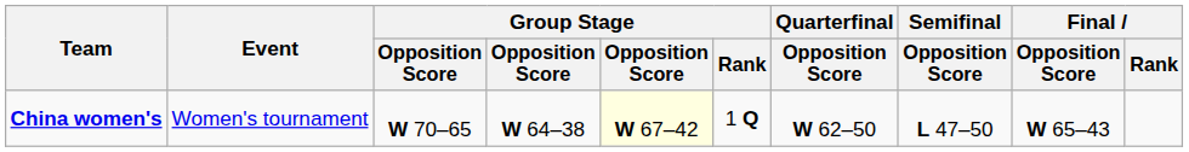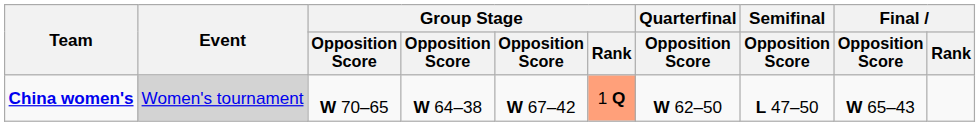 <table class="wikitable" style="font-size:90%;text-align:center">
 <tr>
 <th rowspan="2">Team</th>
 <th rowspan="2">Event</th>
 <th colspan="4">Group Stage</th>
 <th>Quarterfinal</th>
 <th>Semifinal</th>
 <th colspan="2">Final / </th>
 </tr>
 <tr style="font-size:95%">
 <th>Opposition<br>Score</th>
 <th>Opposition<br>Score</th>
 <th>Opposition<br>Score</th>
 <th>Rank</th>
 <th>Opposition<br>Score</th>
 <th>Opposition<br>Score</th>
 <th>Opposition<br>Score</th>
 <th>Rank</th>
 </tr>
 <tr>
 <td align=left><strong><a href='#'>China women's</a></strong></td>
-<td align=left><a href='#'>Women's tournament</a></td>
+<td align=left style="background: lightgrey;"><a href='#'>Women's tournament</a></td>
 <td><br><strong>W</strong> 70–65</td>
 <td><br><strong>W</strong> 64–38</td>
-<td style="background: lightyellow;"><br><strong>W</strong> 67–42</td>
-<td>1 <strong>Q</strong></td>
+<td><br><strong>W</strong> 67–42</td>
+<td style="background: lightsalmon;">1 <strong>Q</strong></td>
 <td><br><strong>W</strong> 62–50</td>
 <td><br><strong>L</strong> 47–50</td>
 <td><br><strong>W</strong> 65–43</td>
 <td></td>
 </tr>
 </table>
